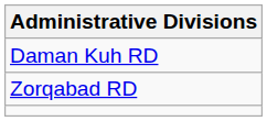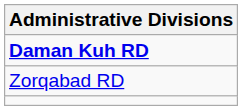 <table class="wikitable">
 <tr>
 <th>Administrative Divisions</th>
 </tr>
 <tr>
-<td><a href='#'>Daman Kuh RD</a></td>
+<td><strong><a href='#'>Daman Kuh RD</a></strong></td>
 </tr>
 <tr>
 <td><a href='#'>Zorqabad RD</a></td>
 </tr>
 <tr>
 <td colspan=1></td>
 </tr>
 </table>
